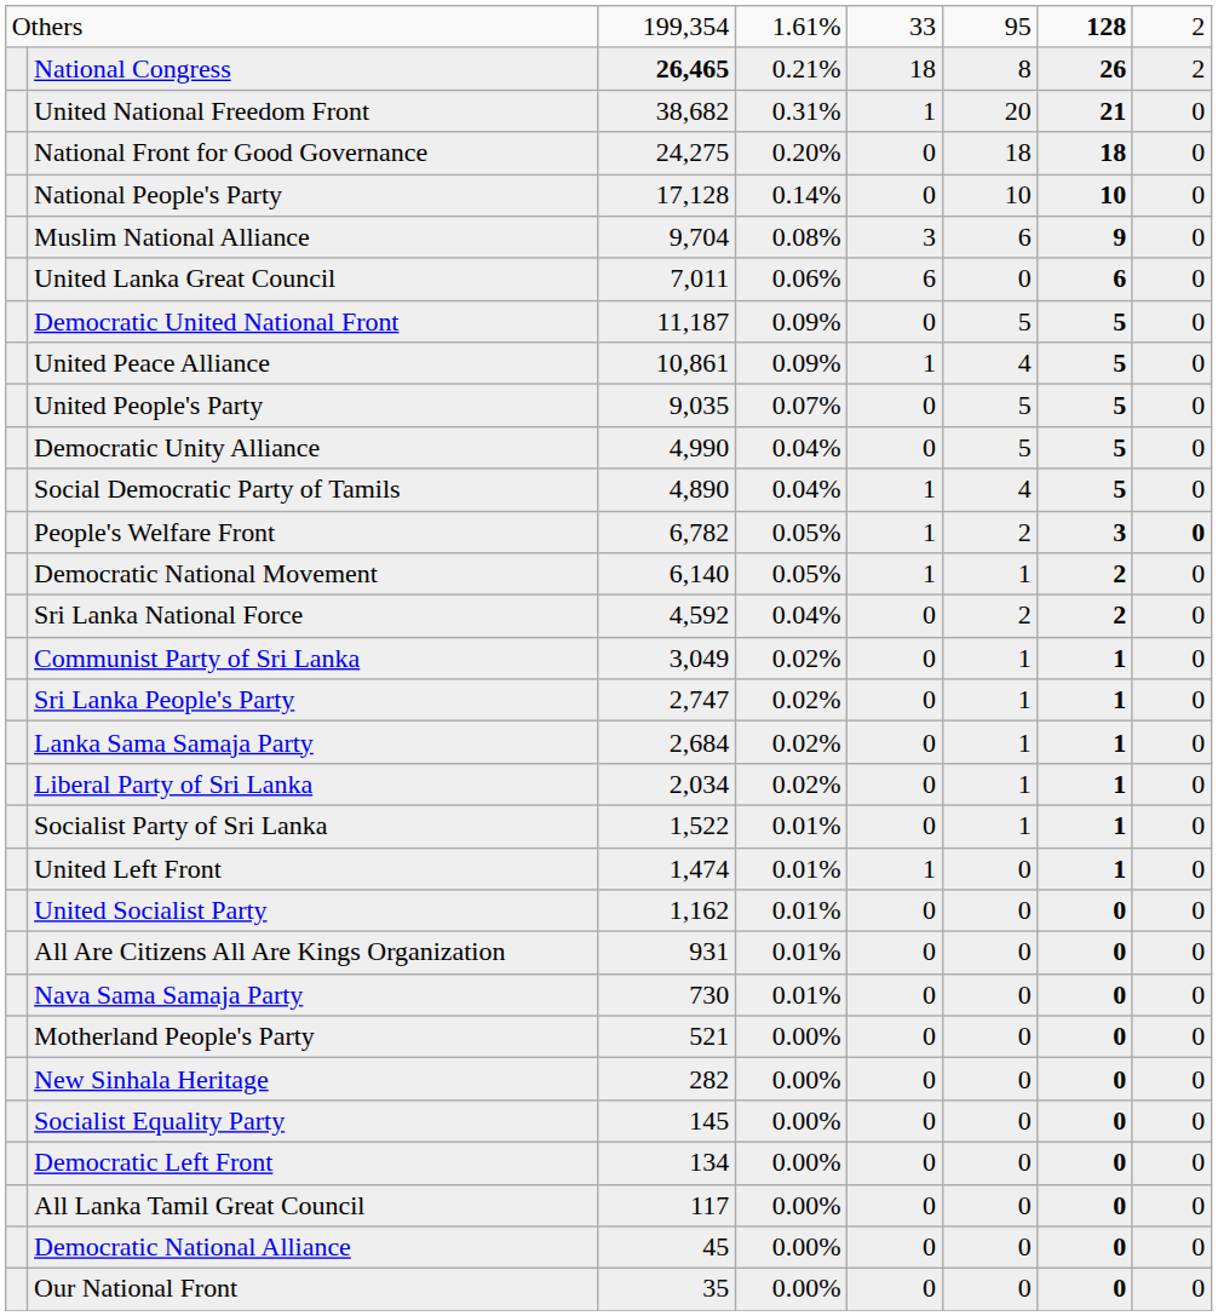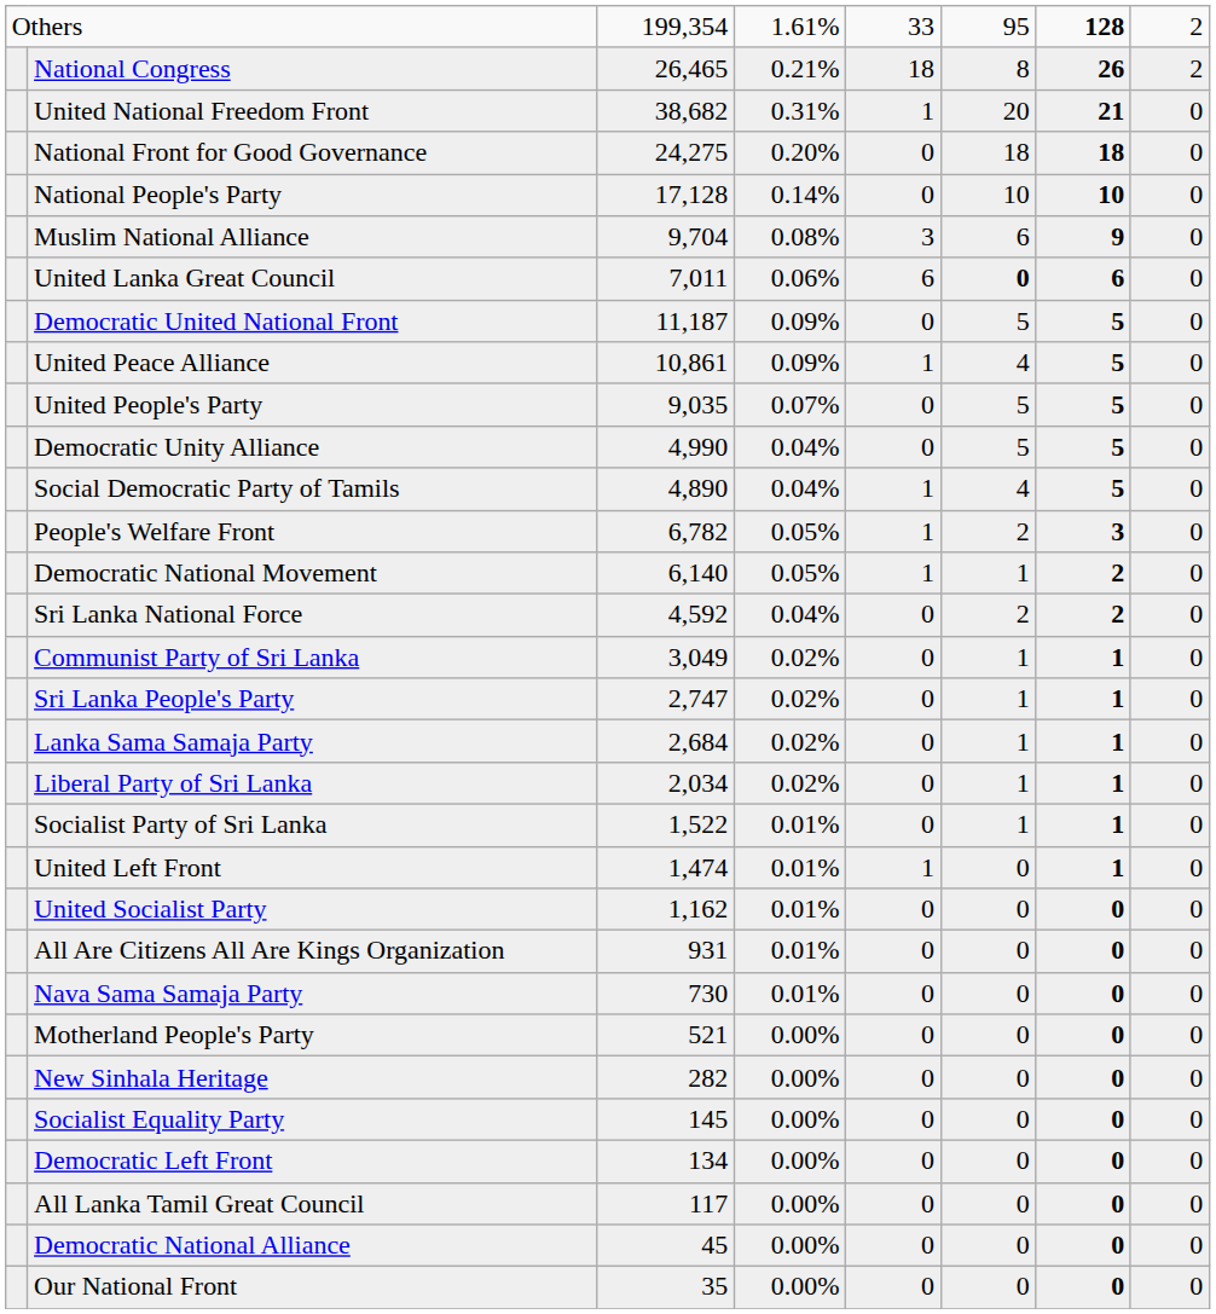 <table class="wikitable collapsible collapsed" style="font-size:100%; text-align:right; border:0px; margin-top:-1px; margin-bottom:0;">
 <tr>
 <th style="text-align:left; font-weight:normal; background:#F9F9F9" colspan="2" width="350">Others</th>
 <td width="75">199,354</td>
 <td width="60">1.61%</td>
 <td width="50">33</td>
 <td width="50">95</td>
 <td width="50"><strong>128</strong></td>
 <td width="40">2</td>
 </tr>
 <tr style="background:#EFEFEF;">
 <td style="background-color:"> </td>
 <td style="text-align:left;"><a href='#'>National Congress</a></td>
-<td><strong>26,465</strong></td>
+<td>26,465</td>
 <td>0.21%</td>
 <td>18</td>
 <td>8</td>
 <td><strong>26</strong></td>
 <td>2</td>
 </tr>
 <tr style="background:#EFEFEF;">
 <td></td>
 <td style="text-align:left;">United National Freedom Front</td>
 <td>38,682</td>
 <td>0.31%</td>
 <td>1</td>
 <td>20</td>
 <td><strong>21</strong></td>
 <td>0</td>
 </tr>
 <tr style="background:#EFEFEF;">
 <td></td>
 <td style="text-align:left;">National Front for Good Governance</td>
 <td>24,275</td>
 <td>0.20%</td>
 <td>0</td>
 <td>18</td>
 <td><strong>18</strong></td>
 <td>0</td>
 </tr>
 <tr style="background:#EFEFEF;">
 <td></td>
 <td style="text-align:left;">National People's Party</td>
 <td>17,128</td>
 <td>0.14%</td>
 <td>0</td>
 <td>10</td>
 <td><strong>10</strong></td>
 <td>0</td>
 </tr>
 <tr style="background:#EFEFEF;">
 <td></td>
 <td style="text-align:left;">Muslim National Alliance</td>
 <td>9,704</td>
 <td>0.08%</td>
 <td>3</td>
 <td>6</td>
 <td><strong>9</strong></td>
 <td>0</td>
 </tr>
 <tr style="background:#EFEFEF;">
 <td></td>
 <td style="text-align:left;">United Lanka Great Council</td>
 <td>7,011</td>
 <td>0.06%</td>
 <td>6</td>
-<td>0</td>
+<td><strong>0</strong></td>
 <td><strong>6</strong></td>
 <td>0</td>
 </tr>
 <tr style="background:#EFEFEF;">
 <td></td>
 <td style="text-align:left;"><a href='#'>Democratic United National Front</a></td>
 <td>11,187</td>
 <td>0.09%</td>
 <td>0</td>
 <td>5</td>
 <td><strong>5</strong></td>
 <td>0</td>
 </tr>
 <tr style="background:#EFEFEF;">
 <td></td>
 <td style="text-align:left;">United Peace Alliance</td>
 <td>10,861</td>
 <td>0.09%</td>
 <td>1</td>
 <td>4</td>
 <td><strong>5</strong></td>
 <td>0</td>
 </tr>
 <tr style="background:#EFEFEF;">
 <td></td>
 <td style="text-align:left;">United People's Party</td>
 <td>9,035</td>
 <td>0.07%</td>
 <td>0</td>
 <td>5</td>
 <td><strong>5</strong></td>
 <td>0</td>
 </tr>
 <tr style="background:#EFEFEF;">
 <td style="background-color:"> </td>
 <td style="text-align:left;">Democratic Unity Alliance</td>
 <td>4,990</td>
 <td>0.04%</td>
 <td>0</td>
 <td>5</td>
 <td><strong>5</strong></td>
 <td>0</td>
 </tr>
 <tr style="background:#EFEFEF;">
 <td></td>
 <td style="text-align:left;">Social Democratic Party of Tamils</td>
 <td>4,890</td>
 <td>0.04%</td>
 <td>1</td>
 <td>4</td>
 <td><strong>5</strong></td>
 <td>0</td>
 </tr>
 <tr style="background:#EFEFEF;">
 <td></td>
 <td style="text-align:left;">People's Welfare Front</td>
 <td>6,782</td>
 <td>0.05%</td>
 <td>1</td>
 <td>2</td>
 <td><strong>3</strong></td>
-<td><strong>0</strong></td>
+<td>0</td>
 </tr>
 <tr style="background:#EFEFEF;">
 <td></td>
 <td style="text-align:left;">Democratic National Movement</td>
 <td>6,140</td>
 <td>0.05%</td>
 <td>1</td>
 <td>1</td>
 <td><strong>2</strong></td>
 <td>0</td>
 </tr>
 <tr style="background:#EFEFEF;">
 <td></td>
 <td style="text-align:left;">Sri Lanka National Force</td>
 <td>4,592</td>
 <td>0.04%</td>
 <td>0</td>
 <td>2</td>
 <td><strong>2</strong></td>
 <td>0</td>
 </tr>
 <tr style="background:#EFEFEF;">
 <td style="background-color:"> </td>
 <td style="text-align:left;"><a href='#'>Communist Party of Sri Lanka</a></td>
 <td>3,049</td>
 <td>0.02%</td>
 <td>0</td>
 <td>1</td>
 <td><strong>1</strong></td>
 <td>0</td>
 </tr>
 <tr style="background:#EFEFEF;">
 <td></td>
 <td style="text-align:left;"><a href='#'>Sri Lanka People's Party</a></td>
 <td>2,747</td>
 <td>0.02%</td>
 <td>0</td>
 <td>1</td>
 <td><strong>1</strong></td>
 <td>0</td>
 </tr>
 <tr style="background:#EFEFEF;">
 <td style="background-color:"> </td>
 <td style="text-align:left;"><a href='#'>Lanka Sama Samaja Party</a></td>
 <td>2,684</td>
 <td>0.02%</td>
 <td>0</td>
 <td>1</td>
 <td><strong>1</strong></td>
 <td>0</td>
 </tr>
 <tr style="background:#EFEFEF;">
 <td></td>
 <td style="text-align:left;"><a href='#'>Liberal Party of Sri Lanka</a></td>
 <td>2,034</td>
 <td>0.02%</td>
 <td>0</td>
 <td>1</td>
 <td><strong>1</strong></td>
 <td>0</td>
 </tr>
 <tr style="background:#EFEFEF;">
 <td></td>
 <td style="text-align:left;">Socialist Party of Sri Lanka</td>
 <td>1,522</td>
 <td>0.01%</td>
 <td>0</td>
 <td>1</td>
 <td><strong>1</strong></td>
 <td>0</td>
 </tr>
 <tr style="background:#EFEFEF;">
 <td></td>
 <td style="text-align:left;">United Left Front</td>
 <td>1,474</td>
 <td>0.01%</td>
 <td>1</td>
 <td>0</td>
 <td><strong>1</strong></td>
 <td>0</td>
 </tr>
 <tr style="background:#EFEFEF;">
 <td style="background-color:"> </td>
 <td style="text-align:left;"><a href='#'>United Socialist Party</a></td>
 <td>1,162</td>
 <td>0.01%</td>
 <td>0</td>
 <td>0</td>
 <td><strong>0</strong></td>
 <td>0</td>
 </tr>
 <tr style="background:#EFEFEF;">
 <td></td>
 <td style="text-align:left;">All Are Citizens All Are Kings Organization</td>
 <td>931</td>
 <td>0.01%</td>
 <td>0</td>
 <td>0</td>
 <td><strong>0</strong></td>
 <td>0</td>
 </tr>
 <tr style="background:#EFEFEF;">
 <td style="background-color:"> </td>
 <td style="text-align:left;"><a href='#'>Nava Sama Samaja Party</a></td>
 <td>730</td>
 <td>0.01%</td>
 <td>0</td>
 <td>0</td>
 <td><strong>0</strong></td>
 <td>0</td>
 </tr>
 <tr style="background:#EFEFEF;">
 <td></td>
 <td style="text-align:left;">Motherland People's Party</td>
 <td>521</td>
 <td>0.00%</td>
 <td>0</td>
 <td>0</td>
 <td><strong>0</strong></td>
 <td>0</td>
 </tr>
 <tr style="background:#EFEFEF;">
 <td></td>
 <td style="text-align:left;"><a href='#'>New Sinhala Heritage</a></td>
 <td>282</td>
 <td>0.00%</td>
 <td>0</td>
 <td>0</td>
 <td><strong>0</strong></td>
 <td>0</td>
 </tr>
 <tr style="background:#EFEFEF;">
 <td style="background-color:"> </td>
 <td style="text-align:left;"><a href='#'>Socialist Equality Party</a></td>
 <td>145</td>
 <td>0.00%</td>
 <td>0</td>
 <td>0</td>
 <td><strong>0</strong></td>
 <td>0</td>
 </tr>
 <tr style="background:#EFEFEF;">
 <td style="background-color:"> </td>
 <td style="text-align:left;"><a href='#'>Democratic Left Front</a></td>
 <td>134</td>
 <td>0.00%</td>
 <td>0</td>
 <td>0</td>
 <td><strong>0</strong></td>
 <td>0</td>
 </tr>
 <tr style="background:#EFEFEF;">
 <td></td>
 <td style="text-align:left;">All Lanka Tamil Great Council</td>
 <td>117</td>
 <td>0.00%</td>
 <td>0</td>
 <td>0</td>
 <td><strong>0</strong></td>
 <td>0</td>
 </tr>
 <tr style="background:#EFEFEF;">
 <td style="background-color:"> </td>
 <td style="text-align:left;"><a href='#'>Democratic National Alliance</a></td>
 <td>45</td>
 <td>0.00%</td>
 <td>0</td>
 <td>0</td>
 <td><strong>0</strong></td>
 <td>0</td>
 </tr>
 <tr style="background:#EFEFEF;">
 <td></td>
 <td style="text-align:left;">Our National Front</td>
 <td>35</td>
 <td>0.00%</td>
 <td>0</td>
 <td>0</td>
 <td><strong>0</strong></td>
 <td>0</td>
 </tr>
 </table>
